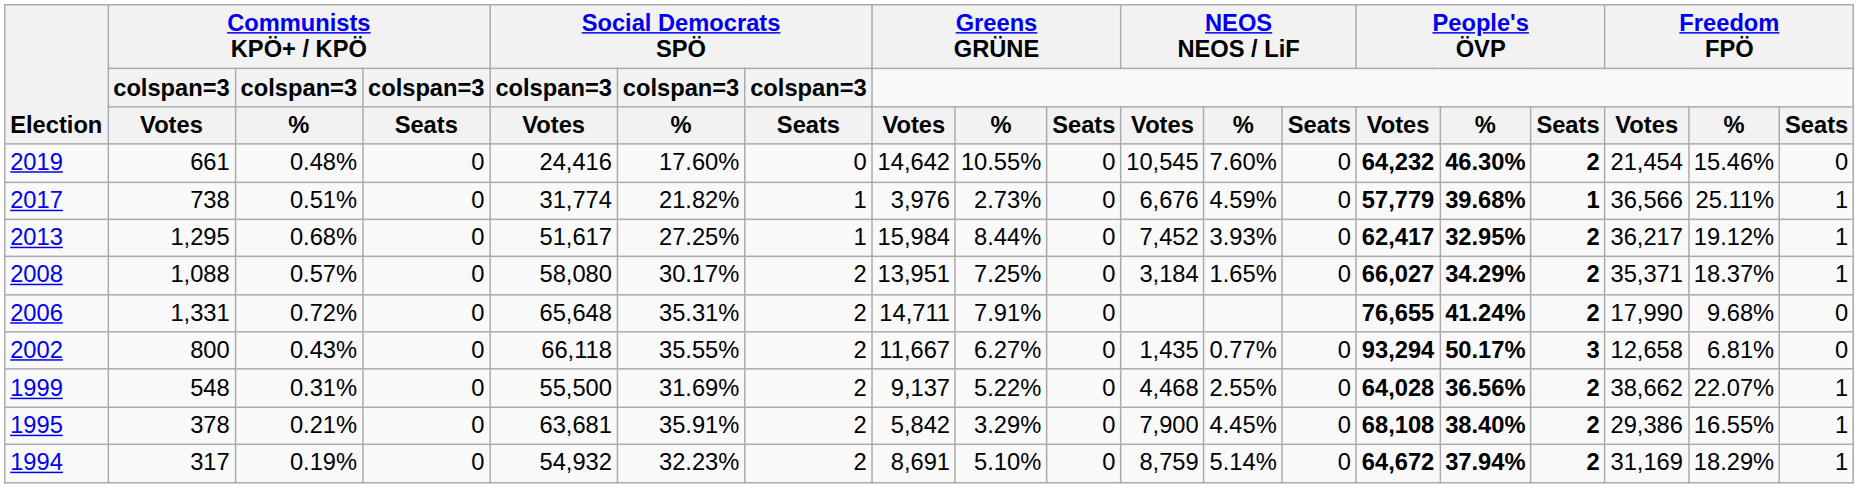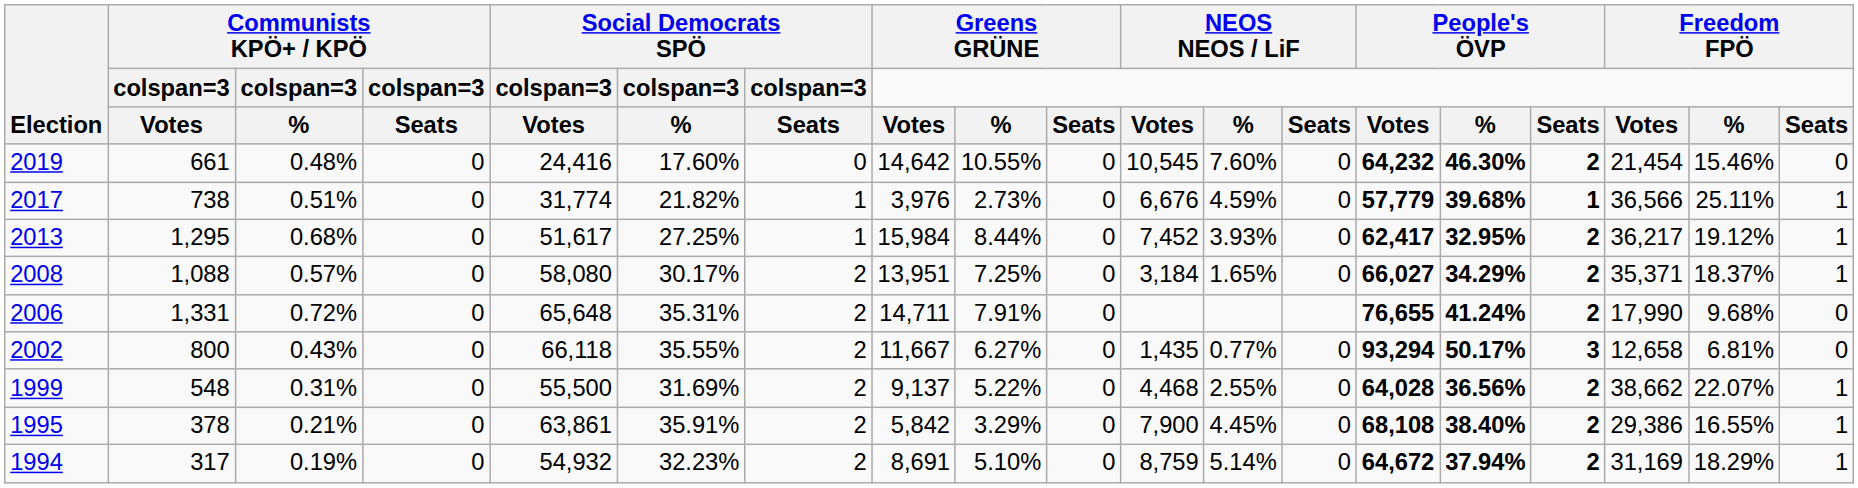 <table class="wikitable" border="1" style="font-size:100%; text-align:right;">
 <tr>
 <th style="text-align:left;" valign=bottom rowspan=3>Election</th>
 <th valign=bottom colspan=3><a href='#'>Communists</a><br>KPÖ+ / KPÖ</th>
 <th valign=bottom colspan=3><a href='#'>Social Democrats</a><br>SPÖ</th>
 <th valign=bottom colspan=3><a href='#'>Greens</a><br>GRÜNE</th>
 <th valign=bottom colspan=3><a href='#'>NEOS</a><br>NEOS / LiF</th>
 <th valign=bottom colspan=3><a href='#'>People's</a><br>ÖVP</th>
 <th valign=bottom colspan=3><a href='#'>Freedom</a><br>FPÖ</th>
 </tr>
 <tr>
 <th>colspan=3 </th>
 <th>colspan=3 </th>
 <th>colspan=3 </th>
 <th>colspan=3 </th>
 <th>colspan=3 </th>
 <th>colspan=3 </th>
 </tr>
 <tr>
 <th>Votes</th>
 <th>%</th>
 <th>Seats</th>
 <th>Votes</th>
 <th>%</th>
 <th>Seats</th>
 <th>Votes</th>
 <th>%</th>
 <th>Seats</th>
 <th>Votes</th>
 <th>%</th>
 <th>Seats</th>
 <th>Votes</th>
 <th>%</th>
 <th>Seats</th>
 <th>Votes</th>
 <th>%</th>
 <th>Seats</th>
 </tr>
 <tr>
 <td align=left><a href='#'>2019</a></td>
 <td>661</td>
 <td>0.48%</td>
 <td>0</td>
 <td>24,416</td>
 <td>17.60%</td>
 <td>0</td>
 <td>14,642</td>
 <td>10.55%</td>
 <td>0</td>
 <td>10,545</td>
 <td>7.60%</td>
 <td>0</td>
 <td><strong>64,232</strong></td>
 <td><strong>46.30%</strong></td>
 <td><strong>2</strong></td>
 <td>21,454</td>
 <td>15.46%</td>
 <td>0</td>
 </tr>
 <tr>
 <td align=left><a href='#'>2017</a></td>
 <td>738</td>
 <td>0.51%</td>
 <td>0</td>
 <td>31,774</td>
 <td>21.82%</td>
 <td>1</td>
 <td>3,976</td>
 <td>2.73%</td>
 <td>0</td>
 <td>6,676</td>
 <td>4.59%</td>
 <td>0</td>
 <td><strong>57,779</strong></td>
 <td><strong>39.68%</strong></td>
 <td><strong>1</strong></td>
 <td>36,566</td>
 <td>25.11%</td>
 <td>1</td>
 </tr>
 <tr>
 <td align=left><a href='#'>2013</a></td>
 <td>1,295</td>
 <td>0.68%</td>
 <td>0</td>
 <td>51,617</td>
 <td>27.25%</td>
 <td>1</td>
 <td>15,984</td>
 <td>8.44%</td>
 <td>0</td>
 <td>7,452</td>
 <td>3.93%</td>
 <td>0</td>
 <td><strong>62,417</strong></td>
 <td><strong>32.95%</strong></td>
 <td><strong>2</strong></td>
 <td>36,217</td>
 <td>19.12%</td>
 <td>1</td>
 </tr>
 <tr>
 <td align=left><a href='#'>2008</a></td>
 <td>1,088</td>
 <td>0.57%</td>
 <td>0</td>
 <td>58,080</td>
 <td>30.17%</td>
 <td>2</td>
 <td>13,951</td>
 <td>7.25%</td>
 <td>0</td>
 <td>3,184</td>
 <td>1.65%</td>
 <td>0</td>
 <td><strong>66,027</strong></td>
 <td><strong>34.29%</strong></td>
 <td><strong>2</strong></td>
 <td>35,371</td>
 <td>18.37%</td>
 <td>1</td>
 </tr>
 <tr>
 <td align=left><a href='#'>2006</a></td>
 <td>1,331</td>
 <td>0.72%</td>
 <td>0</td>
 <td>65,648</td>
 <td>35.31%</td>
 <td>2</td>
 <td>14,711</td>
 <td>7.91%</td>
 <td>0</td>
 <td></td>
 <td></td>
 <td></td>
 <td><strong>76,655</strong></td>
 <td><strong>41.24%</strong></td>
 <td><strong>2</strong></td>
 <td>17,990</td>
 <td>9.68%</td>
 <td>0</td>
 </tr>
 <tr>
 <td align=left><a href='#'>2002</a></td>
 <td>800</td>
 <td>0.43%</td>
 <td>0</td>
 <td>66,118</td>
 <td>35.55%</td>
 <td>2</td>
 <td>11,667</td>
 <td>6.27%</td>
 <td>0</td>
 <td>1,435</td>
 <td>0.77%</td>
 <td>0</td>
 <td><strong>93,294</strong></td>
 <td><strong>50.17%</strong></td>
 <td><strong>3</strong></td>
 <td>12,658</td>
 <td>6.81%</td>
 <td>0</td>
 </tr>
 <tr>
 <td align=left><a href='#'>1999</a></td>
 <td>548</td>
 <td>0.31%</td>
 <td>0</td>
 <td>55,500</td>
 <td>31.69%</td>
 <td>2</td>
 <td>9,137</td>
 <td>5.22%</td>
 <td>0</td>
 <td>4,468</td>
 <td>2.55%</td>
 <td>0</td>
 <td><strong>64,028</strong></td>
 <td><strong>36.56%</strong></td>
 <td><strong>2</strong></td>
 <td>38,662</td>
 <td>22.07%</td>
 <td>1</td>
 </tr>
 <tr>
 <td align=left><a href='#'>1995</a></td>
 <td>378</td>
 <td>0.21%</td>
 <td>0</td>
-<td>63,681</td>
+<td>63,861</td>
 <td>35.91%</td>
 <td>2</td>
 <td>5,842</td>
 <td>3.29%</td>
 <td>0</td>
 <td>7,900</td>
 <td>4.45%</td>
 <td>0</td>
 <td><strong>68,108</strong></td>
 <td><strong>38.40%</strong></td>
 <td><strong>2</strong></td>
 <td>29,386</td>
 <td>16.55%</td>
 <td>1</td>
 </tr>
 <tr>
 <td align=left><a href='#'>1994</a></td>
 <td>317</td>
 <td>0.19%</td>
 <td>0</td>
 <td>54,932</td>
 <td>32.23%</td>
 <td>2</td>
 <td>8,691</td>
 <td>5.10%</td>
 <td>0</td>
 <td>8,759</td>
 <td>5.14%</td>
 <td>0</td>
 <td><strong>64,672</strong></td>
 <td><strong>37.94%</strong></td>
 <td><strong>2</strong></td>
 <td>31,169</td>
 <td>18.29%</td>
 <td>1</td>
 </tr>
 </table>
